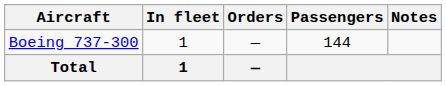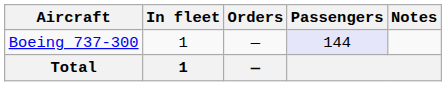 <table class="wikitable" style="margin:1em auto; border-collapse:collapse;text-align:center">
 <tr>
 <th>Aircraft</th>
 <th>In fleet</th>
 <th>Orders</th>
 <th>Passengers</th>
 <th>Notes</th>
 </tr>
 <tr>
 <td><a href='#'>Boeing 737-300</a></td>
 <td>1</td>
 <td>—</td>
-<td>144</td>
+<td style="background: lavender;">144</td>
 <td></td>
 </tr>
 <tr>
 <th>Total</th>
 <th>1</th>
 <th>—</th>
 <th colspan="2"></th>
 </tr>
 </table>
